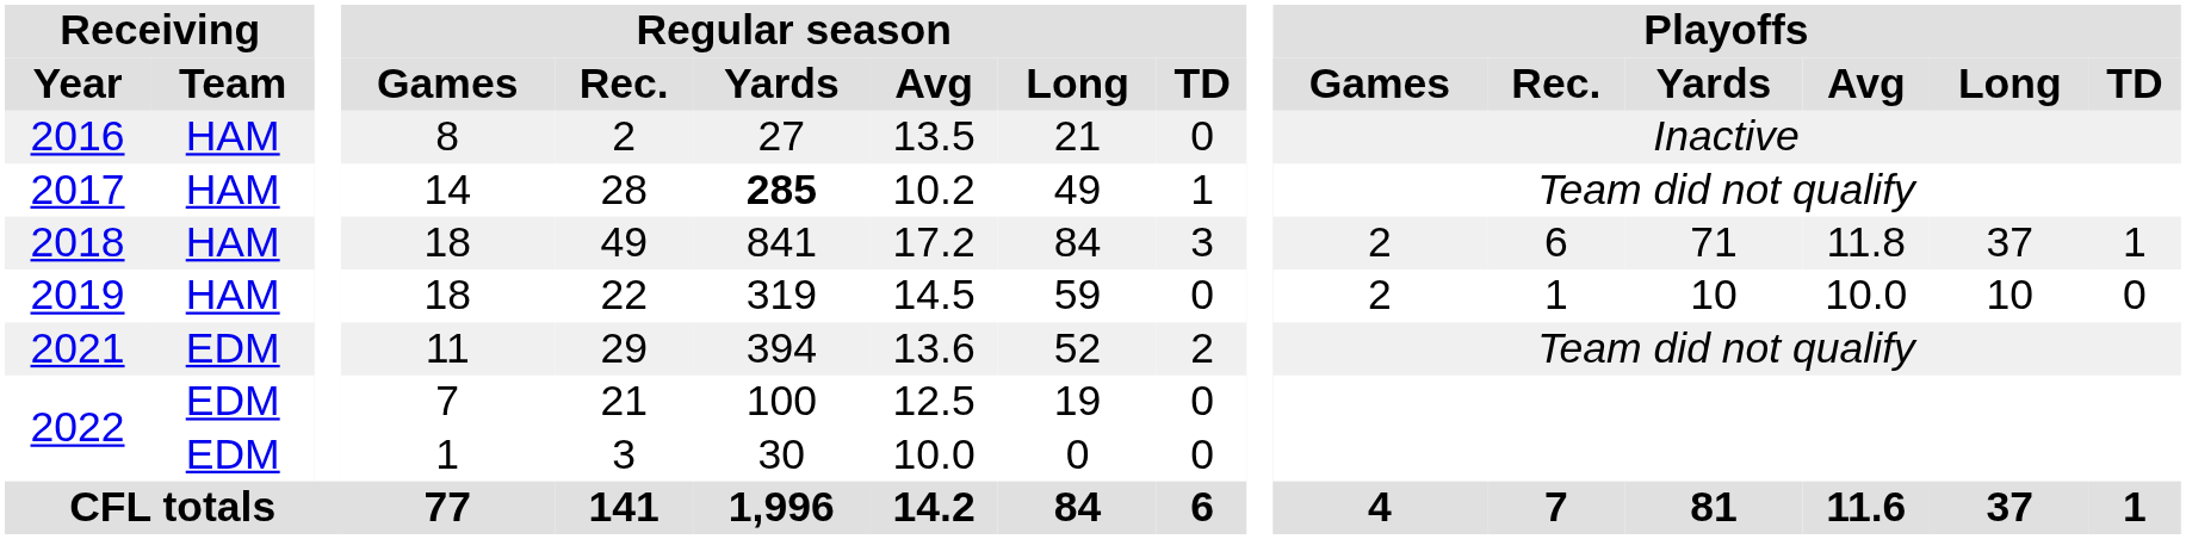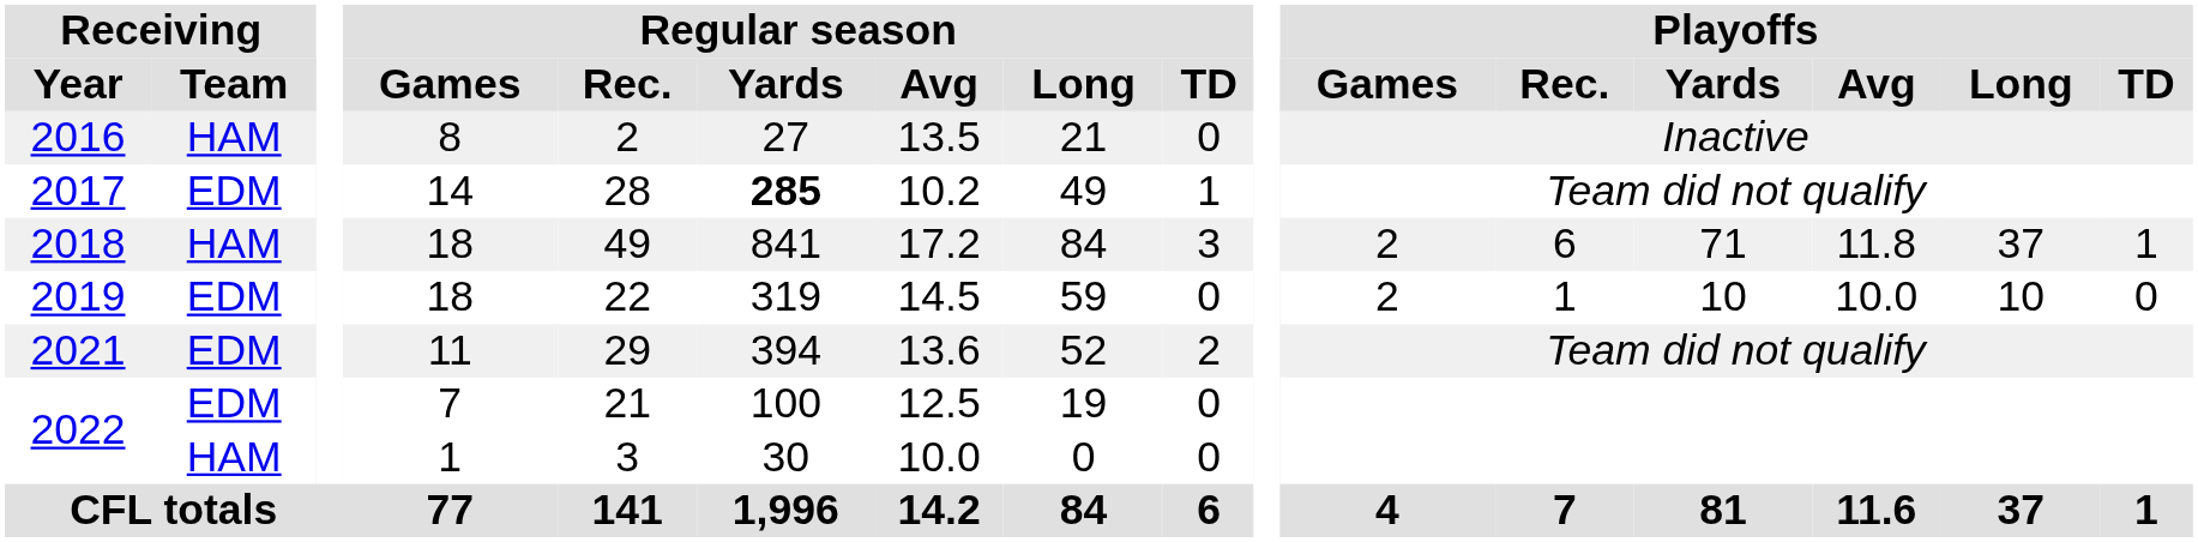 <table border="0" cellpadding="1" cellspacing="0"  style="width:65%; text-align:center;">
 <tr style="background:#e0e0e0;">
 <th colspan="2">Receiving</th>
 <th rowspan="99" style="background:#fff;"> </th>
 <th colspan="6">Regular season</th>
 <th rowspan="101" style="background:#fff;"> </th>
 <th colspan="6">Playoffs</th>
 </tr>
 <tr style="background:#e0e0e0;">
 <th>Year</th>
 <th>Team</th>
 <th>Games</th>
 <th>Rec.</th>
 <th>Yards</th>
 <th>Avg</th>
 <th>Long</th>
 <th>TD</th>
 <th>Games</th>
 <th>Rec.</th>
 <th>Yards</th>
 <th>Avg</th>
 <th>Long</th>
 <th>TD</th>
 </tr>
 <tr style="text-align:center; background:#f0f0f0;">
 <td><a href='#'>2016</a></td>
 <td><a href='#'>HAM</a></td>
 <td>8</td>
 <td>2</td>
 <td>27</td>
 <td>13.5</td>
 <td>21</td>
 <td>0</td>
 <td colspan="6"><em>Inactive</em></td>
 </tr>
 <tr style="text-align:center;">
 <td><a href='#'>2017</a></td>
-<td><a href='#'>HAM</a></td>
+<td><a href='#'>EDM</a></td>
 <td>14</td>
 <td>28</td>
 <td><strong>285</strong></td>
 <td>10.2</td>
 <td>49</td>
 <td>1</td>
 <td colspan="6"><em>Team did not qualify</em></td>
 </tr>
 <tr style="text-align:center; background:#f0f0f0;">
 <td><a href='#'>2018</a></td>
 <td><a href='#'>HAM</a></td>
 <td>18</td>
 <td>49</td>
 <td>841</td>
 <td>17.2</td>
 <td>84</td>
 <td>3</td>
 <td>2</td>
 <td>6</td>
 <td>71</td>
 <td>11.8</td>
 <td>37</td>
 <td>1</td>
 </tr>
 <tr style="text-align:center;">
 <td><a href='#'>2019</a></td>
-<td><a href='#'>HAM</a></td>
+<td><a href='#'>EDM</a></td>
 <td>18</td>
 <td>22</td>
 <td>319</td>
 <td>14.5</td>
 <td>59</td>
 <td>0</td>
 <td>2</td>
 <td>1</td>
 <td>10</td>
 <td>10.0</td>
 <td>10</td>
 <td>0</td>
 </tr>
 <tr style="text-align:center; background:#f0f0f0;">
 <td><a href='#'>2021</a></td>
 <td><a href='#'>EDM</a></td>
 <td>11</td>
 <td>29</td>
 <td>394</td>
 <td>13.6</td>
 <td>52</td>
 <td>2</td>
 <td colspan="6"><em>Team did not qualify</em></td>
 </tr>
 <tr>
 <td rowspan="2" style="text-align: center;" valign="middle"><a href='#'>2022</a></td>
 <td><a href='#'>EDM</a></td>
 <td>7</td>
 <td>21</td>
 <td>100</td>
 <td>12.5</td>
 <td>19</td>
 <td>0</td>
 <td colspan="6"></td>
 </tr>
 <tr>
-<td><a href='#'>EDM</a></td>
+<td><a href='#'>HAM</a></td>
 <td>1</td>
 <td>3</td>
 <td>30</td>
 <td>10.0</td>
 <td>0</td>
 <td>0</td>
 <td colspan="6"></td>
 </tr>
 <tr style="background:#e0e0e0;">
 <th colspan="3">CFL totals</th>
 <th>77</th>
 <th>141</th>
 <th>1,996</th>
 <th>14.2</th>
 <th>84</th>
 <th>6</th>
 <th>4</th>
 <th>7</th>
 <th>81</th>
 <th>11.6</th>
 <th>37</th>
 <th>1</th>
 </tr>
 </table>
